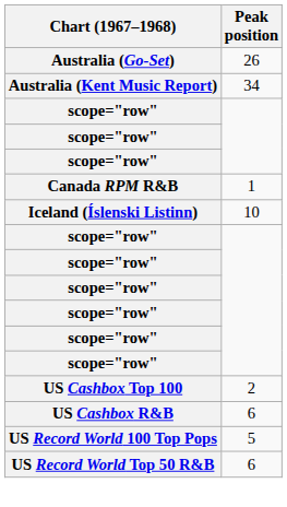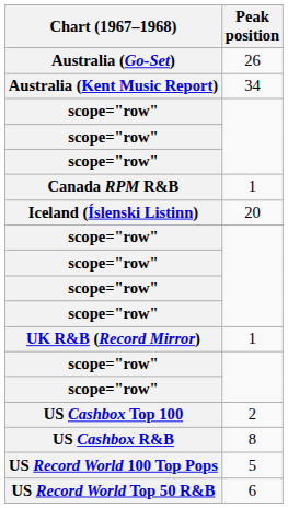 <table class="wikitable sortable plainrowheaders">
 <tr>
 <th scope="col">Chart (1967–1968)</th>
 <th scope="col">Peak<br>position</th>
 </tr>
 <tr>
 <th scope="row">Australia (<em><a href='#'>Go-Set</a></em>)</th>
 <td align="center">26</td>
 </tr>
 <tr>
 <th scope="row">Australia (<a href='#'>Kent Music Report</a>)</th>
 <td align="center">34</td>
 </tr>
 <tr>
 <th>scope="row" </th>
 </tr>
 <tr>
 <th>scope="row" </th>
 </tr>
 <tr>
 <th>scope="row" </th>
 </tr>
 <tr>
 <th scope="row">Canada <em>RPM</em> R&B</th>
 <td style="text-align:center;">1</td>
 </tr>
 <tr>
 <th scope="row">Iceland (<a href='#'>Íslenski Listinn</a>)</th>
-<td style="text-align:center;">10</td>
+<td style="text-align:center;">20</td>
 </tr>
 <tr>
 <th>scope="row" </th>
 </tr>
 <tr>
 <th>scope="row" </th>
 </tr>
 <tr>
 <th>scope="row" </th>
 </tr>
 <tr>
 <th>scope="row" </th>
 </tr>
 <tr>
+<th scope="row"><a href='#'>UK R&B</a> (<em><a href='#'>Record Mirror</a></em>)</th>
+<td align="center">1</td>
+</tr>
+<tr>
 <th>scope="row" </th>
 </tr>
 <tr>
 <th>scope="row" </th>
 </tr>
 <tr>
 <th scope="row">US <a href='#'><em>Cashbox</em> Top 100</a></th>
 <td style="text-align:center;">2</td>
 </tr>
 <tr>
 <th scope="row">US <a href='#'><em>Cashbox</em> R&B</a></th>
-<td style="text-align:center;">6</td>
+<td style="text-align:center;">8</td>
 </tr>
 <tr>
 <th scope="row">US <a href='#'><em>Record World</em> 100 Top Pops</a></th>
 <td style="text-align:center;">5</td>
 </tr>
 <tr>
 <th scope="row">US <a href='#'><em>Record World</em> Top 50 R&B</a></th>
 <td style="text-align:center;">6</td>
 </tr>
 </table>
